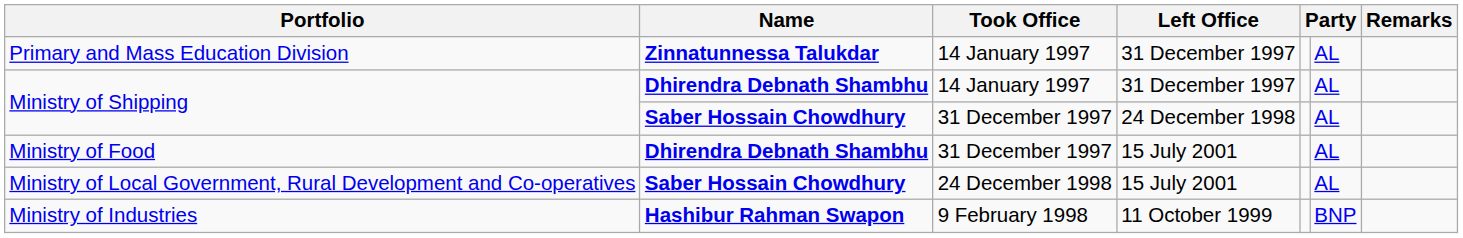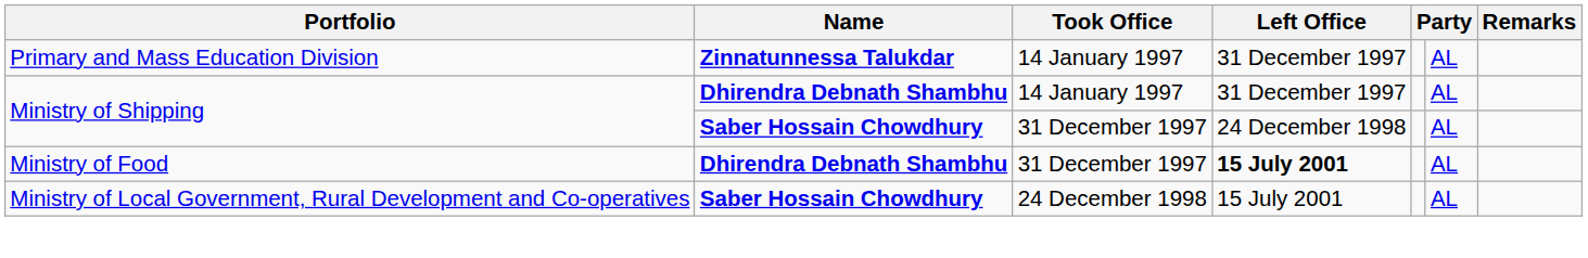 <table class="wikitable sortable">
 <tr>
 <th>Portfolio</th>
 <th>Name</th>
 <th>Took Office</th>
 <th>Left Office</th>
 <th colspan="2">Party</th>
 <th>Remarks</th>
 </tr>
 <tr>
 <td><a href='#'>Primary and Mass Education Division</a></td>
 <td><strong><a href='#'>Zinnatunnessa Talukdar</a></strong></td>
 <td>14 January 1997</td>
 <td>31 December 1997</td>
 <td style="background-color:"></td>
 <td><a href='#'>AL</a></td>
 <td></td>
 </tr>
 <tr>
 <td rowspan="2"><a href='#'>Ministry of Shipping</a></td>
 <td><strong><a href='#'>Dhirendra Debnath Shambhu</a></strong></td>
 <td>14 January 1997</td>
 <td>31 December 1997</td>
 <td style="background-color:"></td>
 <td><a href='#'>AL</a></td>
 <td></td>
 </tr>
 <tr>
 <td><strong><a href='#'>Saber Hossain Chowdhury</a></strong></td>
 <td>31 December 1997</td>
 <td>24 December 1998</td>
 <td style="background-color:"></td>
 <td><a href='#'>AL</a></td>
 <td></td>
 </tr>
 <tr>
 <td><a href='#'>Ministry of Food</a></td>
 <td><strong><a href='#'>Dhirendra Debnath Shambhu</a></strong></td>
 <td>31 December 1997</td>
-<td>15 July 2001</td>
+<td><strong>15 July 2001</strong></td>
 <td style="background-color:"></td>
 <td><a href='#'>AL</a></td>
 <td></td>
 </tr>
 <tr>
 <td><a href='#'>Ministry of Local Government, Rural Development and Co-operatives</a></td>
 <td><strong><a href='#'>Saber Hossain Chowdhury</a></strong></td>
 <td>24 December 1998</td>
 <td>15 July 2001</td>
 <td style="background-color:"></td>
 <td><a href='#'>AL</a></td>
 <td></td>
 </tr>
-<tr>
-<td><a href='#'>Ministry of Industries</a></td>
-<td><strong><a href='#'>Hashibur Rahman Swapon</a></strong></td>
-<td>9 February 1998</td>
-<td>11 October 1999</td>
-<td style="background-color:"></td>
-<td><a href='#'>BNP</a></td>
-<td></td>
-</tr>
 </table>
